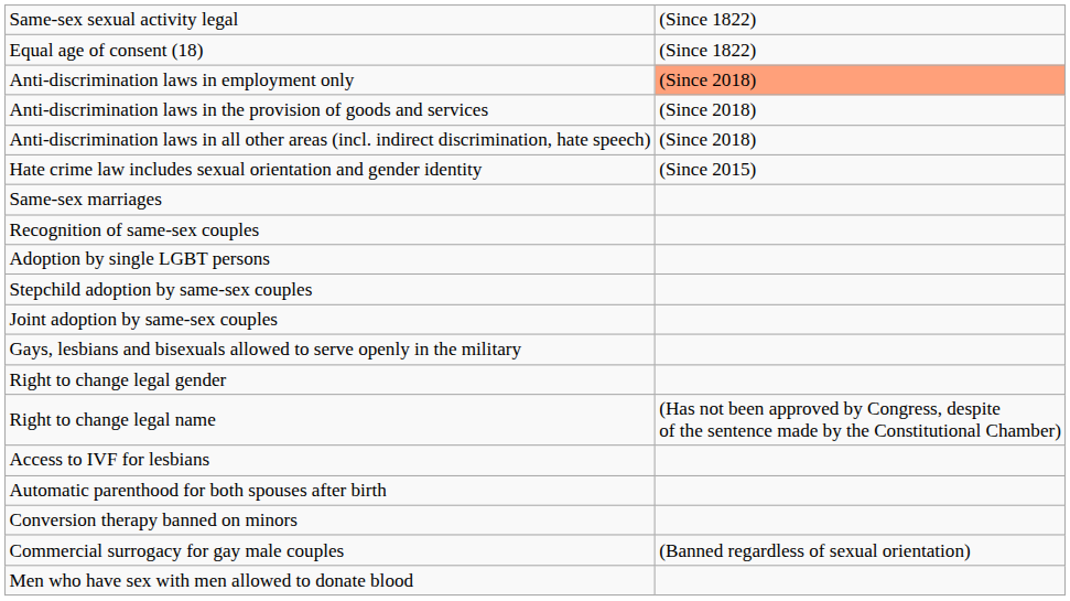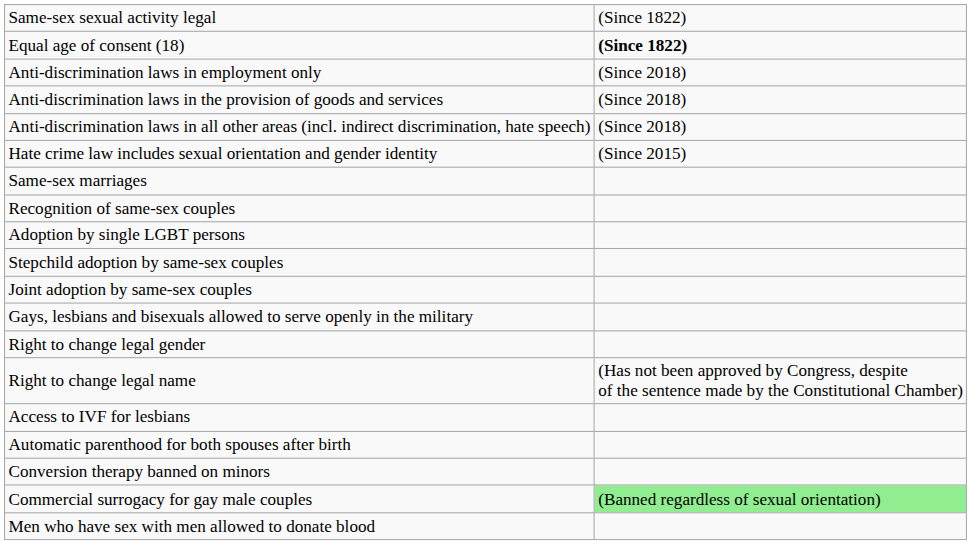 <table class="wikitable">
 <tr>
 <td>Same-sex sexual activity legal</td>
 <td> (Since 1822)</td>
 </tr>
 <tr>
 <td>Equal age of consent (18)</td>
-<td> (Since 1822)</td>
+<td><strong> (Since 1822)</strong></td>
 </tr>
 <tr>
 <td>Anti-discrimination laws in employment only</td>
-<td style="background: lightsalmon;"> (Since 2018)</td>
+<td> (Since 2018)</td>
 </tr>
 <tr>
 <td>Anti-discrimination laws in the provision of goods and services</td>
 <td> (Since 2018)</td>
 </tr>
 <tr>
 <td>Anti-discrimination laws in all other areas (incl. indirect discrimination, hate speech)</td>
 <td> (Since 2018)</td>
 </tr>
 <tr>
 <td>Hate crime law includes sexual orientation and gender identity</td>
 <td> (Since 2015)</td>
 </tr>
 <tr>
 <td>Same-sex marriages</td>
 <td></td>
 </tr>
 <tr>
 <td>Recognition of same-sex couples</td>
 <td></td>
 </tr>
 <tr>
 <td>Adoption by single LGBT persons</td>
 <td></td>
 </tr>
 <tr>
 <td>Stepchild adoption by same-sex couples</td>
 <td></td>
 </tr>
 <tr>
 <td>Joint adoption by same-sex couples</td>
 <td></td>
 </tr>
 <tr>
 <td>Gays, lesbians and bisexuals allowed to serve openly in the military</td>
 <td></td>
 </tr>
 <tr>
 <td>Right to change legal gender</td>
 <td></td>
 </tr>
 <tr>
 <td>Right to change legal name</td>
 <td> (Has not been approved by Congress, despite<br>of the sentence made by the Constitutional Chamber)</td>
 </tr>
 <tr>
 <td>Access to IVF for lesbians</td>
 <td></td>
 </tr>
 <tr>
 <td>Automatic parenthood for both spouses after birth</td>
 <td></td>
 </tr>
 <tr>
 <td>Conversion therapy banned on minors</td>
 <td></td>
 </tr>
 <tr>
 <td>Commercial surrogacy for gay male couples</td>
-<td> (Banned regardless of sexual orientation)</td>
+<td style="background: lightgreen;"> (Banned regardless of sexual orientation)</td>
 </tr>
 <tr>
 <td>Men who have sex with men allowed to donate blood</td>
 <td></td>
 </tr>
 </table>
